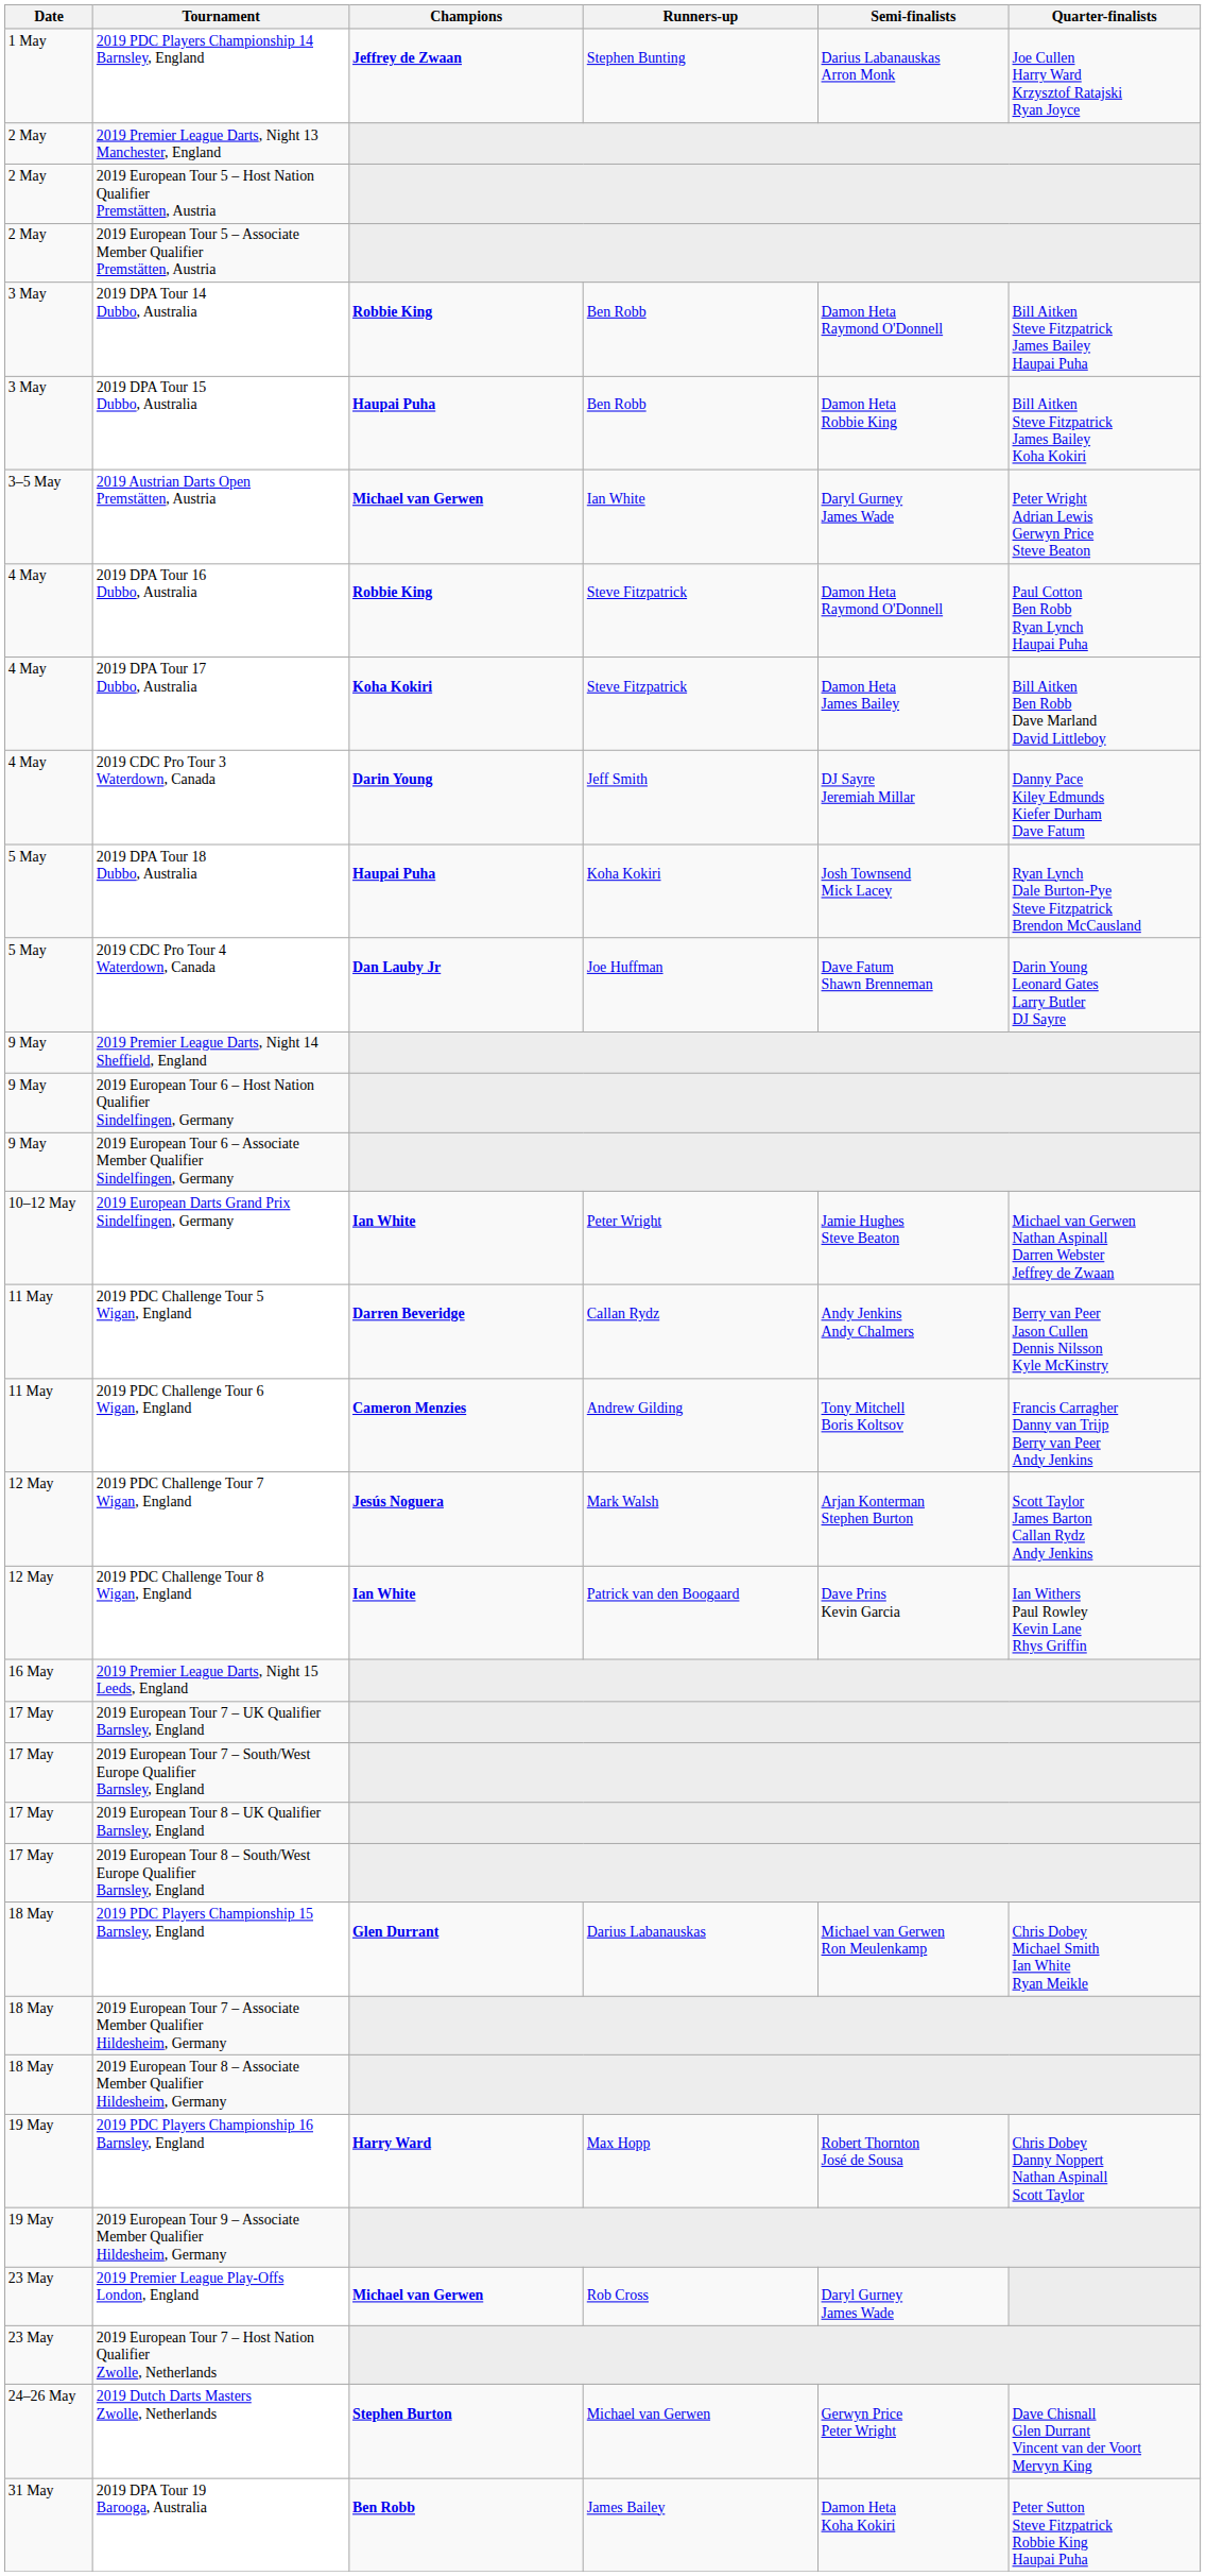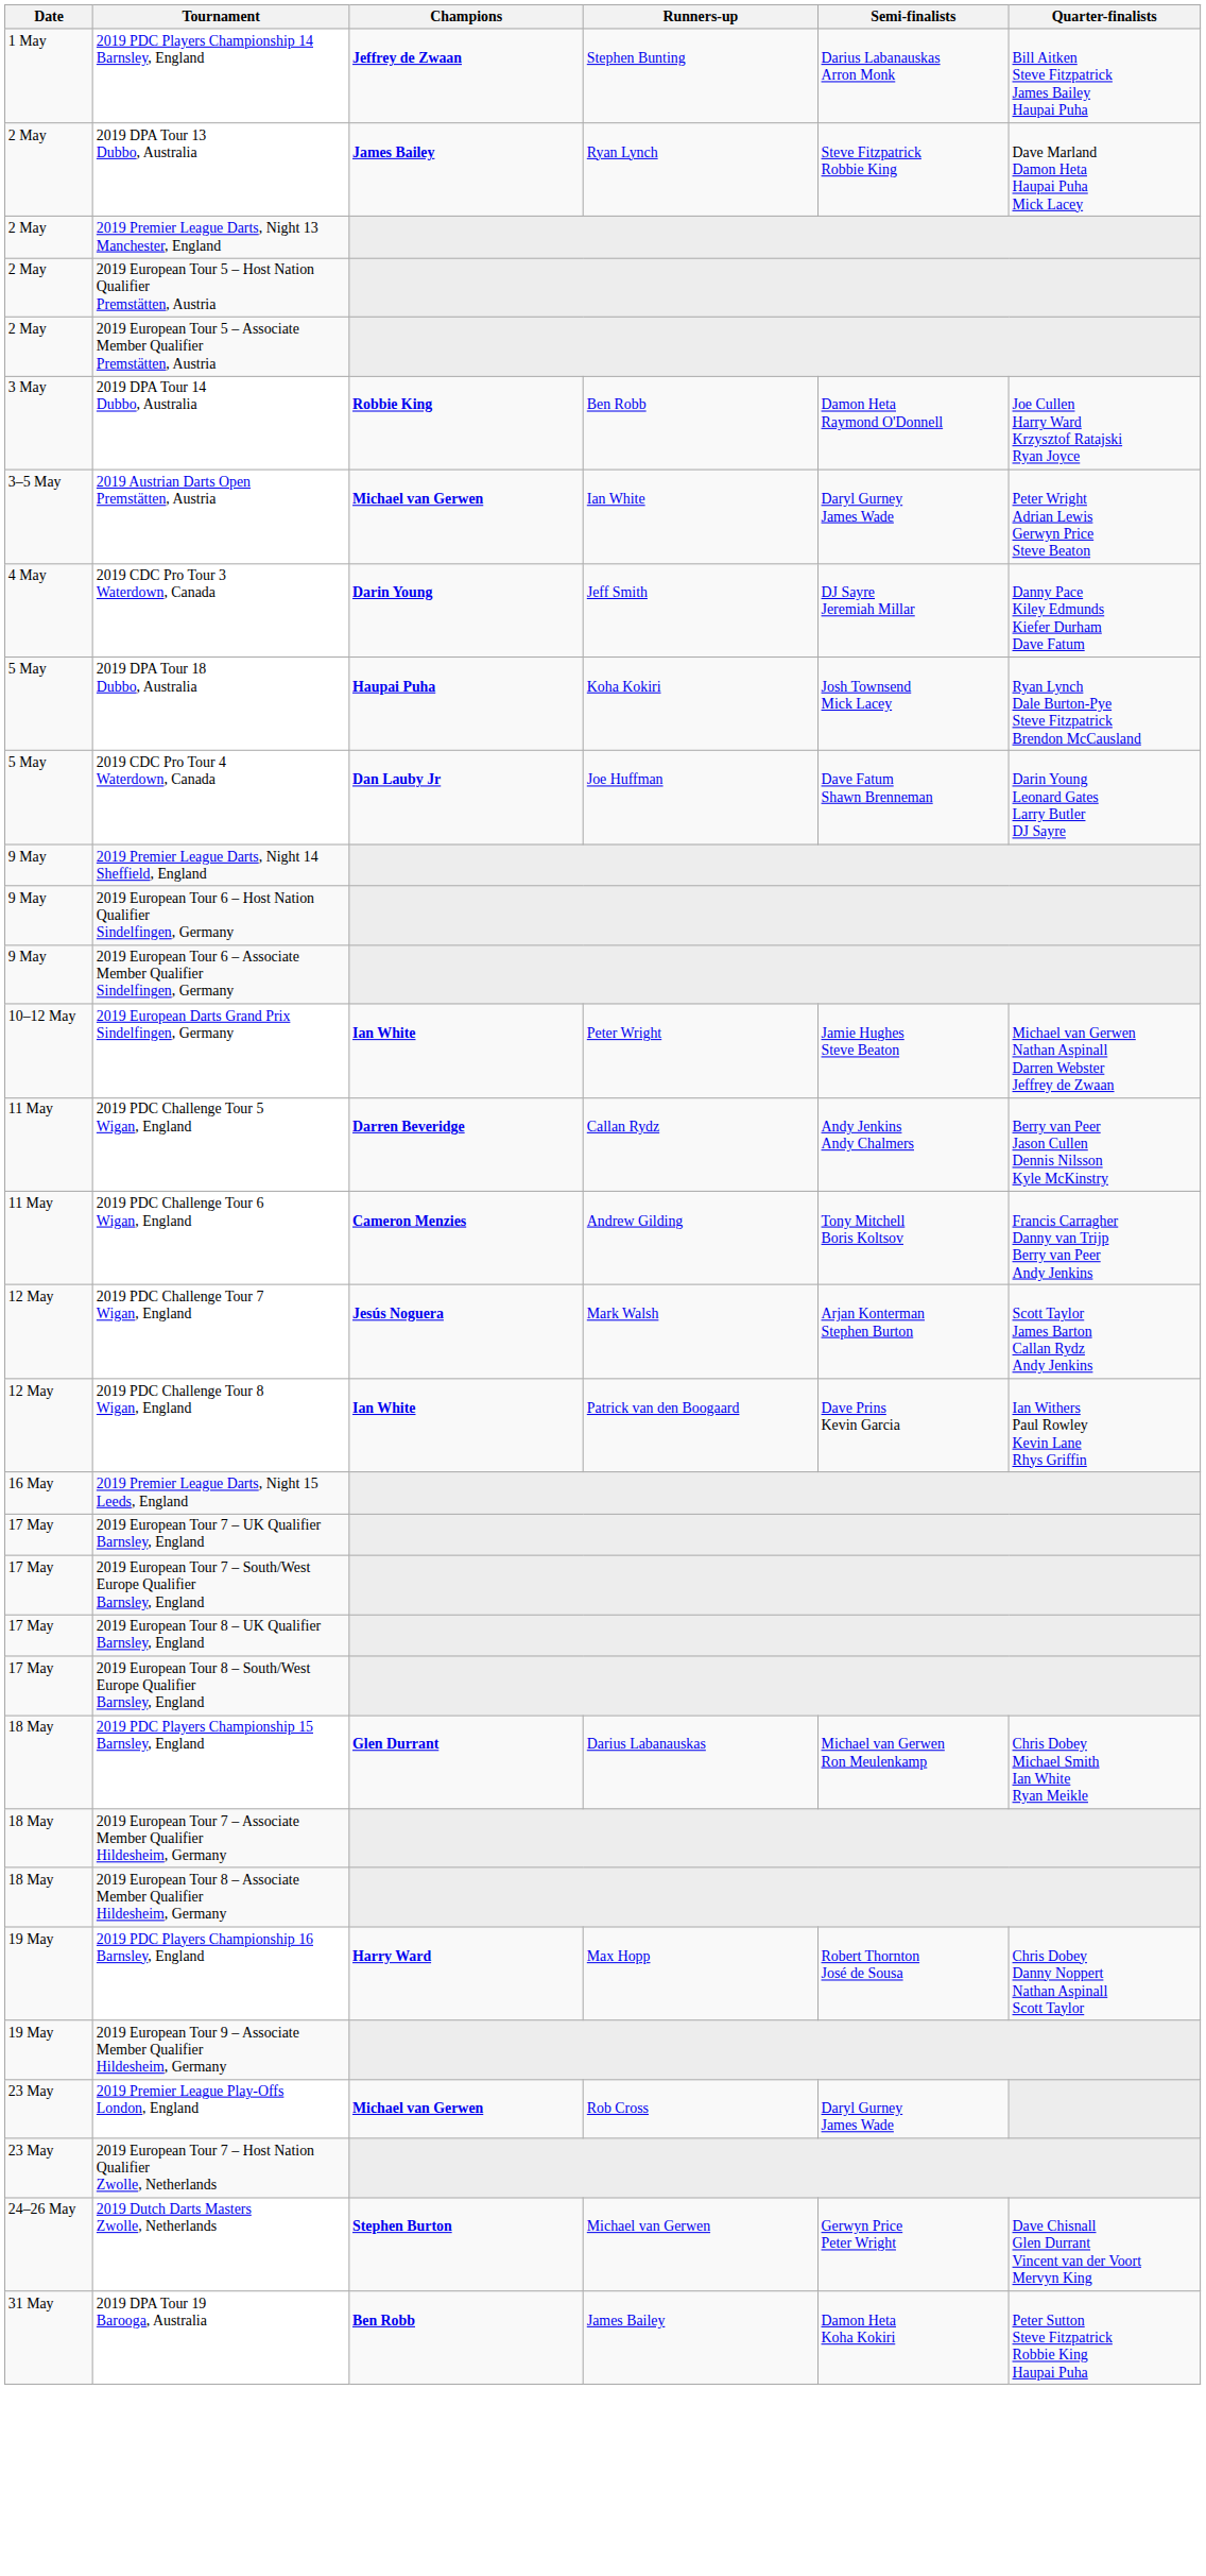 <table class=wikitable style=font-size:85%>
 <tr>
 <th width=75>Date</th>
 <th width=230>Tournament</th>
 <th width=210>Champions</th>
 <th width=210>Runners-up</th>
 <th width=170>Semi-finalists</th>
 <th width=170>Quarter-finalists</th>
 </tr>
 <tr valign="top">
 <td>1 May</td>
 <td bgcolor="#ffffff"><a href='#'>2019 PDC Players Championship 14</a><br><a href='#'>Barnsley</a>, England</td>
 <td><br> <strong><a href='#'>Jeffrey de Zwaan</a></strong></td>
 <td><br> <a href='#'>Stephen Bunting</a></td>
 <td><br> <a href='#'>Darius Labanauskas</a> <br>  <a href='#'>Arron Monk</a></td>
-<td><br> <a href='#'>Joe Cullen</a> <br>  <a href='#'>Harry Ward</a> <br>  <a href='#'>Krzysztof Ratajski</a> <br>  <a href='#'>Ryan Joyce</a></td>
+<td><br> <a href='#'>Bill Aitken</a> <br>  <a href='#'>Steve Fitzpatrick</a> <br>  <a href='#'>James Bailey</a> <br>  <a href='#'>Haupai Puha</a></td>
+</tr>
+<tr valign="top">
+<td>2 May</td>
+<td bgcolor="#ffffff">2019 DPA Tour 13<br><a href='#'>Dubbo</a>, Australia</td>
+<td><br> <strong><a href='#'>James Bailey</a></strong></td>
+<td><br> <a href='#'>Ryan Lynch</a></td>
+<td><br> <a href='#'>Steve Fitzpatrick</a> <br>  <a href='#'>Robbie King</a></td>
+<td><br> Dave Marland <br>  <a href='#'>Damon Heta</a> <br>  <a href='#'>Haupai Puha</a> <br>  <a href='#'>Mick Lacey</a></td>
 </tr>
 <tr valign="top">
 <td rowspan=1>2 May</td>
 <td><a href='#'>2019 Premier League Darts</a>, Night 13 <br><a href='#'>Manchester</a>, England</td>
 <td colspan=4 bgcolor="#ededed"></td>
 </tr>
 <tr valign="top">
 <td rowspan=1>2 May</td>
 <td>2019 European Tour 5 – Host Nation Qualifier <br><a href='#'>Premstätten</a>, Austria</td>
 <td colspan=4 bgcolor="#ededed"></td>
 </tr>
 <tr valign="top">
 <td rowspan=1>2 May</td>
 <td>2019 European Tour 5 – Associate Member Qualifier <br><a href='#'>Premstätten</a>, Austria</td>
 <td colspan=4 bgcolor="#ededed"></td>
 </tr>
 <tr valign="top">
 <td>3 May</td>
 <td bgcolor="#ffffff">2019 DPA Tour 14<br><a href='#'>Dubbo</a>, Australia</td>
 <td><br> <strong><a href='#'>Robbie King</a></strong></td>
 <td><br> <a href='#'>Ben Robb</a></td>
 <td><br> <a href='#'>Damon Heta</a> <br>  <a href='#'>Raymond O'Donnell</a></td>
-<td><br> <a href='#'>Bill Aitken</a> <br>  <a href='#'>Steve Fitzpatrick</a> <br>  <a href='#'>James Bailey</a> <br>  <a href='#'>Haupai Puha</a></td>
-</tr>
-<tr valign="top">
-<td>3 May</td>
-<td bgcolor="#ffffff">2019 DPA Tour 15<br><a href='#'>Dubbo</a>, Australia</td>
-<td><br> <strong><a href='#'>Haupai Puha</a></strong></td>
-<td><br> <a href='#'>Ben Robb</a></td>
-<td><br> <a href='#'>Damon Heta</a> <br>  <a href='#'>Robbie King</a></td>
-<td><br> <a href='#'>Bill Aitken</a> <br>  <a href='#'>Steve Fitzpatrick</a> <br>  <a href='#'>James Bailey</a> <br>  <a href='#'>Koha Kokiri</a></td>
+<td><br> <a href='#'>Joe Cullen</a> <br>  <a href='#'>Harry Ward</a> <br>  <a href='#'>Krzysztof Ratajski</a> <br>  <a href='#'>Ryan Joyce</a></td>
 </tr>
 <tr valign="top">
 <td>3–5 May</td>
 <td bgcolor="#ffffff"><a href='#'>2019 Austrian Darts Open</a><br><a href='#'>Premstätten</a>, Austria</td>
 <td><br> <strong><a href='#'>Michael van Gerwen</a></strong></td>
 <td><br> <a href='#'>Ian White</a></td>
 <td><br> <a href='#'>Daryl Gurney</a> <br>  <a href='#'>James Wade</a></td>
 <td><br> <a href='#'>Peter Wright</a> <br>  <a href='#'>Adrian Lewis</a> <br>  <a href='#'>Gerwyn Price</a> <br>  <a href='#'>Steve Beaton</a></td>
-</tr>
-<tr valign="top">
-<td>4 May</td>
-<td bgcolor="#ffffff">2019 DPA Tour 16<br><a href='#'>Dubbo</a>, Australia</td>
-<td><br> <strong><a href='#'>Robbie King</a></strong></td>
-<td><br> <a href='#'>Steve Fitzpatrick</a></td>
-<td><br> <a href='#'>Damon Heta</a> <br>  <a href='#'>Raymond O'Donnell</a></td>
-<td><br> <a href='#'>Paul Cotton</a> <br>  <a href='#'>Ben Robb</a> <br>  <a href='#'>Ryan Lynch</a> <br>  <a href='#'>Haupai Puha</a></td>
-</tr>
-<tr valign="top">
-<td>4 May</td>
-<td bgcolor="#ffffff">2019 DPA Tour 17<br><a href='#'>Dubbo</a>, Australia</td>
-<td><br> <strong><a href='#'>Koha Kokiri</a></strong></td>
-<td><br> <a href='#'>Steve Fitzpatrick</a></td>
-<td><br> <a href='#'>Damon Heta</a> <br>  <a href='#'>James Bailey</a></td>
-<td><br> <a href='#'>Bill Aitken</a> <br>  <a href='#'>Ben Robb</a> <br>  Dave Marland <br>  <a href='#'>David Littleboy</a></td>
 </tr>
 <tr valign="top">
 <td>4 May</td>
 <td bgcolor="#ffffff">2019 CDC Pro Tour 3<br><a href='#'>Waterdown</a>, Canada</td>
 <td><br> <strong><a href='#'>Darin Young</a></strong></td>
 <td><br> <a href='#'>Jeff Smith</a></td>
 <td><br> <a href='#'>DJ Sayre</a> <br>  <a href='#'>Jeremiah Millar</a></td>
 <td><br> <a href='#'>Danny Pace</a> <br>  <a href='#'>Kiley Edmunds</a> <br>  <a href='#'>Kiefer Durham</a> <br>  <a href='#'>Dave Fatum</a></td>
 </tr>
 <tr valign="top">
 <td>5 May</td>
 <td bgcolor="#ffffff">2019 DPA Tour 18<br><a href='#'>Dubbo</a>, Australia</td>
 <td><br> <strong><a href='#'>Haupai Puha</a></strong></td>
 <td><br> <a href='#'>Koha Kokiri</a></td>
 <td><br> <a href='#'>Josh Townsend</a> <br>  <a href='#'>Mick Lacey</a></td>
 <td><br> <a href='#'>Ryan Lynch</a> <br>  <a href='#'>Dale Burton-Pye</a> <br>  <a href='#'>Steve Fitzpatrick</a> <br>  <a href='#'>Brendon McCausland</a></td>
 </tr>
 <tr valign="top">
 <td>5 May</td>
 <td bgcolor="#ffffff">2019 CDC Pro Tour 4<br><a href='#'>Waterdown</a>, Canada</td>
 <td><br> <strong><a href='#'>Dan Lauby Jr</a></strong></td>
 <td><br> <a href='#'>Joe Huffman</a></td>
 <td><br> <a href='#'>Dave Fatum</a> <br>  <a href='#'>Shawn Brenneman</a></td>
 <td><br> <a href='#'>Darin Young</a> <br>  <a href='#'>Leonard Gates</a> <br>  <a href='#'>Larry Butler</a> <br>  <a href='#'>DJ Sayre</a></td>
 </tr>
 <tr valign="top">
 <td rowspan=1>9 May</td>
 <td><a href='#'>2019 Premier League Darts</a>, Night 14 <br><a href='#'>Sheffield</a>, England</td>
 <td colspan=4 bgcolor="#ededed"></td>
 </tr>
 <tr valign="top">
 <td rowspan=1>9 May</td>
 <td>2019 European Tour 6 – Host Nation Qualifier <br><a href='#'>Sindelfingen</a>, Germany</td>
 <td colspan=4 bgcolor="#ededed"></td>
 </tr>
 <tr valign="top">
 <td rowspan=1>9 May</td>
 <td>2019 European Tour 6 – Associate Member Qualifier <br><a href='#'>Sindelfingen</a>, Germany</td>
 <td colspan=4 bgcolor="#ededed"></td>
 </tr>
 <tr valign="top">
 <td>10–12 May</td>
 <td bgcolor="#ffffff"><a href='#'>2019 European Darts Grand Prix</a><br><a href='#'>Sindelfingen</a>, Germany</td>
 <td><br> <strong><a href='#'>Ian White</a></strong></td>
 <td><br> <a href='#'>Peter Wright</a></td>
 <td><br> <a href='#'>Jamie Hughes</a> <br>  <a href='#'>Steve Beaton</a></td>
 <td><br> <a href='#'>Michael van Gerwen</a> <br>  <a href='#'>Nathan Aspinall</a> <br>  <a href='#'>Darren Webster</a> <br>  <a href='#'>Jeffrey de Zwaan</a></td>
 </tr>
 <tr valign="top">
 <td>11 May</td>
 <td bgcolor="#ffffff">2019 PDC Challenge Tour 5<br><a href='#'>Wigan</a>, England</td>
 <td><br> <strong><a href='#'>Darren Beveridge</a></strong></td>
 <td><br> <a href='#'>Callan Rydz</a></td>
 <td><br> <a href='#'>Andy Jenkins</a> <br>  <a href='#'>Andy Chalmers</a></td>
 <td><br> <a href='#'>Berry van Peer</a> <br>  <a href='#'>Jason Cullen</a> <br>  <a href='#'>Dennis Nilsson</a> <br>  <a href='#'>Kyle McKinstry</a></td>
 </tr>
 <tr valign="top">
 <td>11 May</td>
 <td bgcolor="#ffffff">2019 PDC Challenge Tour 6<br><a href='#'>Wigan</a>, England</td>
 <td><br> <strong><a href='#'>Cameron Menzies</a></strong></td>
 <td><br> <a href='#'>Andrew Gilding</a></td>
 <td><br> <a href='#'>Tony Mitchell</a> <br>  <a href='#'>Boris Koltsov</a></td>
 <td><br> <a href='#'>Francis Carragher</a> <br>  <a href='#'>Danny van Trijp</a> <br>  <a href='#'>Berry van Peer</a> <br>  <a href='#'>Andy Jenkins</a></td>
 </tr>
 <tr valign="top">
 <td>12 May</td>
 <td bgcolor="#ffffff">2019 PDC Challenge Tour 7<br><a href='#'>Wigan</a>, England</td>
 <td><br> <strong><a href='#'>Jesús Noguera</a></strong></td>
 <td><br> <a href='#'>Mark Walsh</a></td>
 <td><br> <a href='#'>Arjan Konterman</a> <br>  <a href='#'>Stephen Burton</a></td>
 <td><br> <a href='#'>Scott Taylor</a> <br>  <a href='#'>James Barton</a> <br>  <a href='#'>Callan Rydz</a> <br>  <a href='#'>Andy Jenkins</a></td>
 </tr>
 <tr valign="top">
 <td>12 May</td>
 <td bgcolor="#ffffff">2019 PDC Challenge Tour 8<br><a href='#'>Wigan</a>, England</td>
 <td><br> <strong><a href='#'>Ian White</a></strong></td>
 <td><br> <a href='#'>Patrick van den Boogaard</a></td>
 <td><br> <a href='#'>Dave Prins</a> <br>  Kevin Garcia</td>
 <td><br> <a href='#'>Ian Withers</a> <br>  Paul Rowley <br>  <a href='#'>Kevin Lane</a> <br>  <a href='#'>Rhys Griffin</a></td>
 </tr>
 <tr valign="top">
 <td rowspan=1>16 May</td>
 <td><a href='#'>2019 Premier League Darts</a>, Night 15 <br><a href='#'>Leeds</a>, England</td>
 <td colspan=4 bgcolor="#ededed"></td>
 </tr>
 <tr valign="top">
 <td rowspan=1>17 May</td>
 <td>2019 European Tour 7 – UK Qualifier <br><a href='#'>Barnsley</a>, England</td>
 <td colspan=4 bgcolor="#ededed"></td>
 </tr>
 <tr valign="top">
 <td rowspan=1>17 May</td>
 <td>2019 European Tour 7 – South/West Europe Qualifier <br><a href='#'>Barnsley</a>, England</td>
 <td colspan=4 bgcolor="#ededed"></td>
 </tr>
 <tr valign="top">
 <td rowspan=1>17 May</td>
 <td>2019 European Tour 8 – UK Qualifier <br><a href='#'>Barnsley</a>, England</td>
 <td colspan=4 bgcolor="#ededed"></td>
 </tr>
 <tr valign="top">
 <td rowspan=1>17 May</td>
 <td>2019 European Tour 8 – South/West Europe Qualifier <br><a href='#'>Barnsley</a>, England</td>
 <td colspan=4 bgcolor="#ededed"></td>
 </tr>
 <tr valign="top">
 <td>18 May</td>
 <td bgcolor="#ffffff"><a href='#'>2019 PDC Players Championship 15</a><br><a href='#'>Barnsley</a>, England</td>
 <td><br> <strong><a href='#'>Glen Durrant</a></strong></td>
 <td><br> <a href='#'>Darius Labanauskas</a></td>
 <td><br> <a href='#'>Michael van Gerwen</a> <br>  <a href='#'>Ron Meulenkamp</a></td>
 <td><br> <a href='#'>Chris Dobey</a> <br>  <a href='#'>Michael Smith</a> <br>  <a href='#'>Ian White</a> <br>  <a href='#'>Ryan Meikle</a></td>
 </tr>
 <tr valign="top">
 <td rowspan=1>18 May</td>
 <td>2019 European Tour 7 – Associate Member Qualifier <br><a href='#'>Hildesheim</a>, Germany</td>
 <td colspan=4 bgcolor="#ededed"></td>
 </tr>
 <tr valign="top">
 <td rowspan=1>18 May</td>
 <td>2019 European Tour 8 – Associate Member Qualifier <br><a href='#'>Hildesheim</a>, Germany</td>
 <td colspan=4 bgcolor="#ededed"></td>
 </tr>
 <tr valign="top">
 <td>19 May</td>
 <td bgcolor="#ffffff"><a href='#'>2019 PDC Players Championship 16</a><br><a href='#'>Barnsley</a>, England</td>
 <td><br> <strong><a href='#'>Harry Ward</a></strong></td>
 <td><br> <a href='#'>Max Hopp</a></td>
 <td><br> <a href='#'>Robert Thornton</a> <br>  <a href='#'>José de Sousa</a></td>
 <td><br> <a href='#'>Chris Dobey</a> <br>  <a href='#'>Danny Noppert</a> <br>  <a href='#'>Nathan Aspinall</a> <br>  <a href='#'>Scott Taylor</a></td>
 </tr>
 <tr valign="top">
 <td rowspan=1>19 May</td>
 <td>2019 European Tour 9 – Associate Member Qualifier <br><a href='#'>Hildesheim</a>, Germany</td>
 <td colspan=4 bgcolor="#ededed"></td>
 </tr>
 <tr valign="top">
 <td>23 May</td>
 <td bgcolor="#ffffff"><a href='#'>2019 Premier League Play-Offs</a><br><a href='#'>London</a>, England</td>
 <td><br> <strong><a href='#'>Michael van Gerwen</a></strong></td>
 <td><br> <a href='#'>Rob Cross</a></td>
 <td><br> <a href='#'>Daryl Gurney</a> <br>  <a href='#'>James Wade</a></td>
 <td bgcolor="#ededed"></td>
 </tr>
 <tr valign="top">
 <td rowspan=1>23 May</td>
 <td>2019 European Tour 7 – Host Nation Qualifier <br><a href='#'>Zwolle</a>, Netherlands</td>
 <td colspan=4 bgcolor="#ededed"></td>
 </tr>
 <tr valign="top">
 <td>24–26 May</td>
 <td bgcolor="#ffffff"><a href='#'>2019 Dutch Darts Masters</a><br><a href='#'>Zwolle</a>, Netherlands</td>
 <td><br> <strong><a href='#'>Stephen Burton</a></strong></td>
 <td><br> <a href='#'>Michael van Gerwen</a></td>
 <td><br> <a href='#'>Gerwyn Price</a> <br>  <a href='#'>Peter Wright</a></td>
 <td><br> <a href='#'>Dave Chisnall</a> <br>  <a href='#'>Glen Durrant</a> <br>  <a href='#'>Vincent van der Voort</a> <br>  <a href='#'>Mervyn King</a></td>
 </tr>
 <tr valign="top">
 <td>31 May</td>
 <td bgcolor="#ffffff">2019 DPA Tour 19<br><a href='#'>Barooga</a>, Australia</td>
 <td><br> <strong><a href='#'>Ben Robb</a></strong></td>
 <td><br> <a href='#'>James Bailey</a></td>
 <td><br> <a href='#'>Damon Heta</a> <br>  <a href='#'>Koha Kokiri</a></td>
 <td><br> <a href='#'>Peter Sutton</a> <br>  <a href='#'>Steve Fitzpatrick</a> <br>  <a href='#'>Robbie King</a> <br>  <a href='#'>Haupai Puha</a></td>
 </tr>
 </table>
